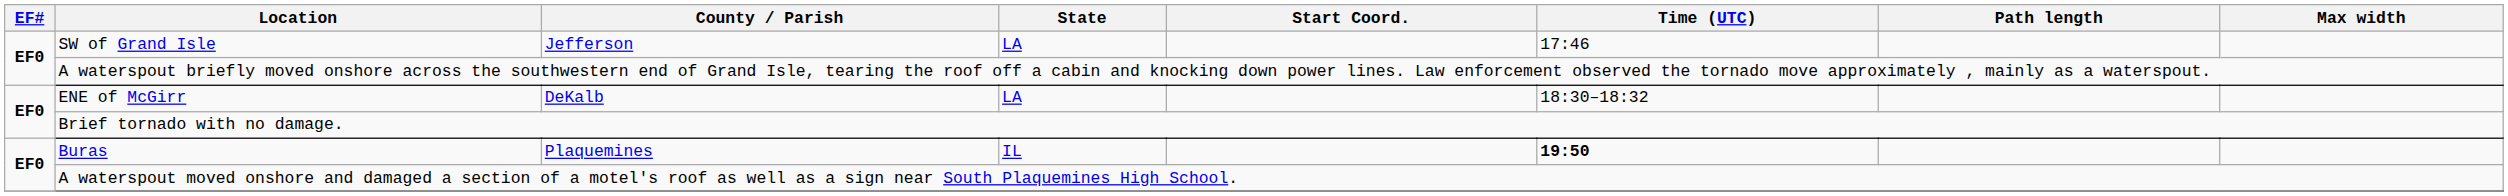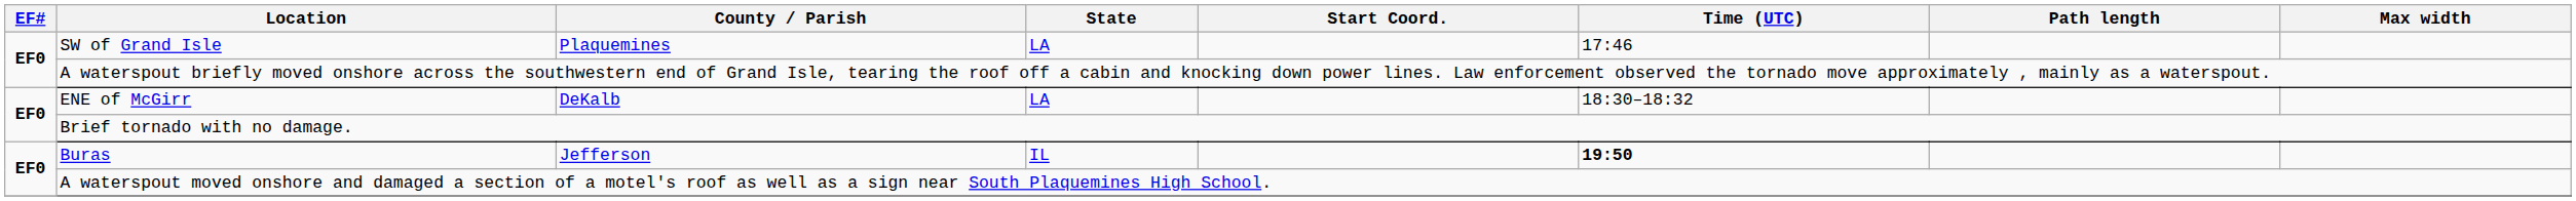 <table class="wikitable sortable" style="width:100%;">
 <tr>
 <th scope="col" width="2%" align="center"><a href='#'>EF#</a></th>
 <th scope="col" align="center" class="unsortable">Location</th>
 <th scope="col" align="center" class="unsortable">County / Parish</th>
 <th scope="col" align="center">State</th>
 <th scope="col" align="center" data-sort-type="number">Start Coord.</th>
 <th scope="col" align="center" data-sort-type="number">Time (<a href='#'>UTC</a>)</th>
 <th scope="col" align="center" data-sort-type="number">Path length</th>
 <th scope="col" align="center" data-sort-type="number">Max width</th>
 </tr>
 <tr>
 <td rowspan="2" align="center"><strong>EF0</strong></td>
 <td>SW of <a href='#'>Grand Isle</a></td>
-<td><a href='#'>Jefferson</a></td>
+<td><a href='#'>Plaquemines</a></td>
 <td><a href='#'>LA</a></td>
 <td></td>
 <td>17:46</td>
 <td></td>
 <td></td>
 </tr>
 <tr class="expand-child">
 <td colspan="8" style=" border-bottom: 1px solid black;">A waterspout briefly moved onshore across the southwestern end of Grand Isle, tearing the roof off a cabin and knocking down power lines. Law enforcement observed the tornado move approximately , mainly as a waterspout.</td>
 </tr>
 <tr>
 <td rowspan="2" align="center"><strong>EF0</strong></td>
 <td>ENE of <a href='#'>McGirr</a></td>
 <td><a href='#'>DeKalb</a></td>
 <td><a href='#'>LA</a></td>
 <td></td>
 <td>18:30–18:32</td>
 <td></td>
 <td></td>
 </tr>
 <tr class="expand-child">
 <td colspan="8" style=" border-bottom: 1px solid black;">Brief tornado with no damage.</td>
 </tr>
 <tr>
 <td rowspan="2" align="center"><strong>EF0</strong></td>
 <td><a href='#'>Buras</a></td>
-<td><a href='#'>Plaquemines</a></td>
+<td><a href='#'>Jefferson</a></td>
 <td><a href='#'>IL</a></td>
 <td></td>
 <td><strong>19:50</strong></td>
 <td></td>
 <td></td>
 </tr>
 <tr class="expand-child">
 <td colspan="8" style=" border-bottom: 1px solid black;">A waterspout moved onshore and damaged a  section of a motel's roof as well as a sign near <a href='#'>South Plaquemines High School</a>.</td>
 </tr>
 <tr>
 </tr>
 </table>
